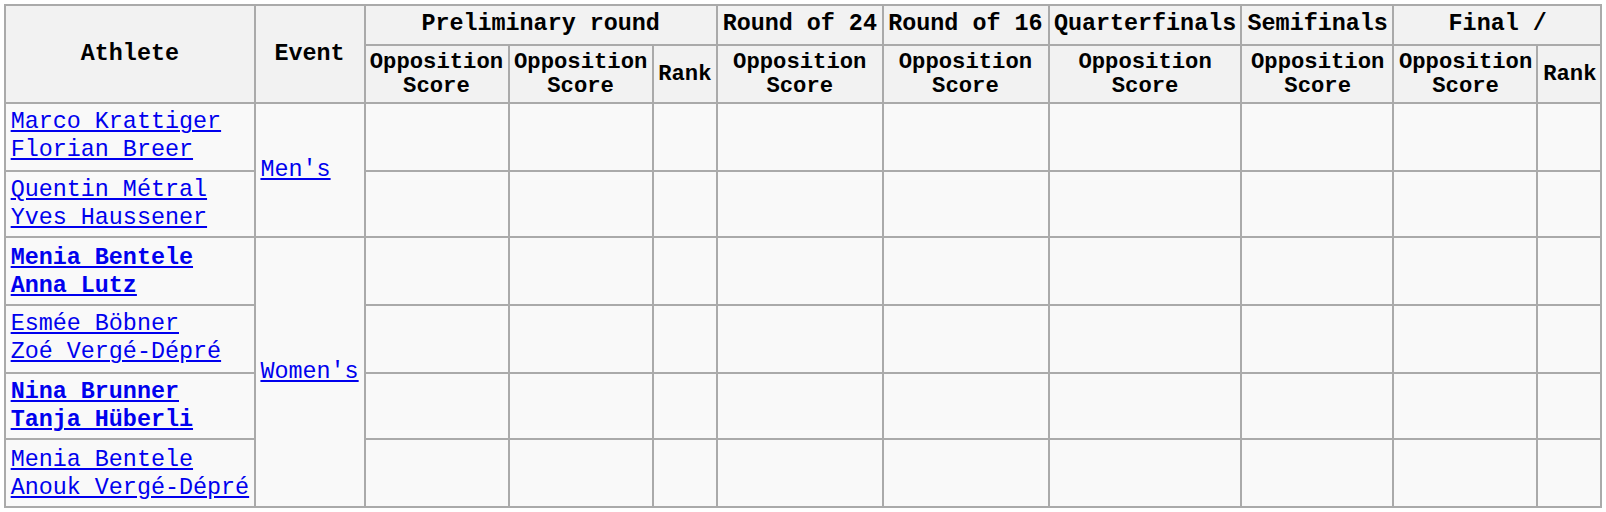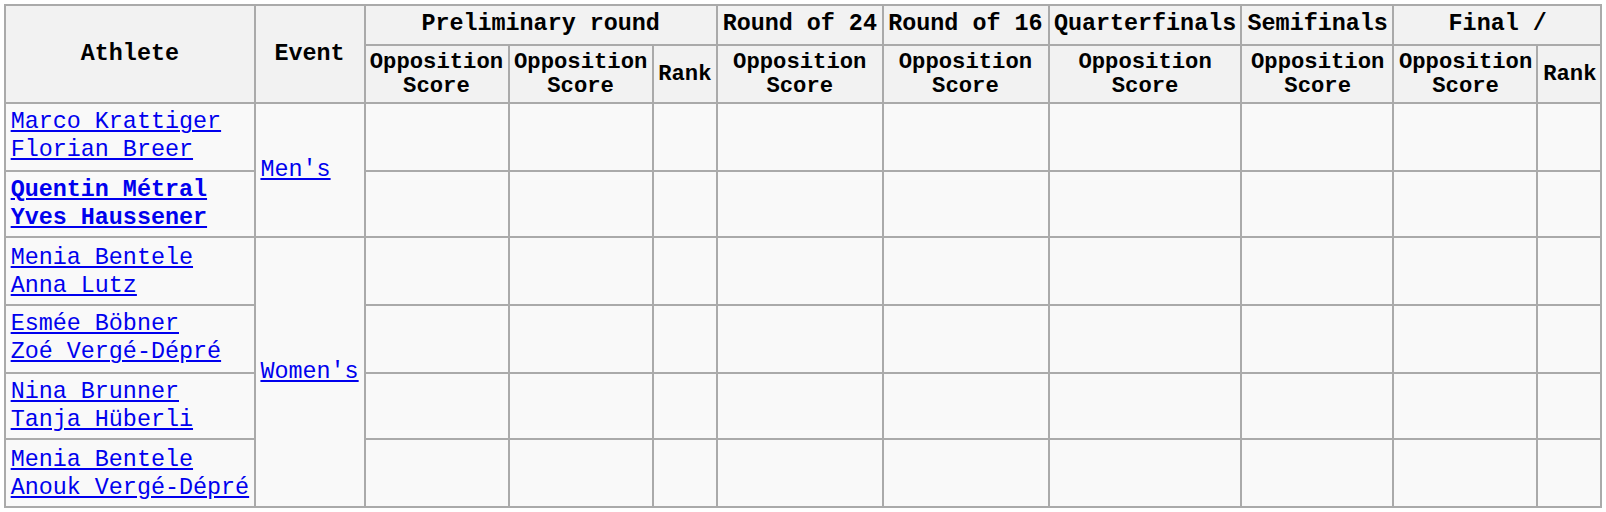 <table class=wikitable style=font-size:90%;text-align:center>
 <tr>
 <th rowspan=2>Athlete</th>
 <th rowspan=2>Event</th>
 <th colspan=3>Preliminary round</th>
 <th>Round of 24</th>
 <th>Round of 16</th>
 <th>Quarterfinals</th>
 <th>Semifinals</th>
 <th colspan=2>Final / </th>
 </tr>
 <tr style=font-size:95%>
 <th>Opposition<br>Score</th>
 <th>Opposition<br>Score</th>
 <th>Rank</th>
 <th>Opposition<br>Score</th>
 <th>Opposition<br>Score</th>
 <th>Opposition<br>Score</th>
 <th>Opposition<br>Score</th>
 <th>Opposition<br>Score</th>
 <th>Rank</th>
 </tr>
 <tr>
 <td align=left><a href='#'>Marco Krattiger</a><br><a href='#'>Florian Breer</a></td>
 <td align=left rowspan=2><a href='#'>Men's</a></td>
 <td></td>
 <td></td>
 <td></td>
 <td></td>
 <td></td>
 <td></td>
 <td></td>
 <td></td>
 <td></td>
 </tr>
 <tr>
-<td align=left><a href='#'>Quentin Métral</a><br><a href='#'>Yves Haussener</a></td>
+<td align=left><strong><a href='#'>Quentin Métral</a><br><a href='#'>Yves Haussener</a></strong></td>
 <td></td>
 <td></td>
 <td></td>
 <td></td>
 <td></td>
 <td></td>
 <td></td>
 <td></td>
 <td></td>
 </tr>
 <tr>
-<td align=left><strong><a href='#'>Menia Bentele</a><br><a href='#'>Anna Lutz</a></strong></td>
+<td align=left><a href='#'>Menia Bentele</a><br><a href='#'>Anna Lutz</a></td>
 <td align=left rowspan=4><a href='#'>Women's</a></td>
 <td></td>
 <td></td>
 <td></td>
 <td></td>
 <td></td>
 <td></td>
 <td></td>
 <td></td>
 <td></td>
 </tr>
 <tr>
 <td align=left><a href='#'>Esmée Böbner</a><br><a href='#'>Zoé Vergé-Dépré</a></td>
 <td></td>
 <td></td>
 <td></td>
 <td></td>
 <td></td>
 <td></td>
 <td></td>
 <td></td>
 <td></td>
 </tr>
 <tr>
-<td align=left><strong><a href='#'>Nina Brunner</a><br><a href='#'>Tanja Hüberli</a></strong></td>
+<td align=left><a href='#'>Nina Brunner</a><br><a href='#'>Tanja Hüberli</a></td>
 <td></td>
 <td></td>
 <td></td>
 <td></td>
 <td></td>
 <td></td>
 <td></td>
 <td></td>
 <td></td>
 </tr>
 <tr>
 <td align=left><a href='#'>Menia Bentele</a><br><a href='#'>Anouk Vergé-Dépré</a></td>
 <td></td>
 <td></td>
 <td></td>
 <td></td>
 <td></td>
 <td></td>
 <td></td>
 <td></td>
 <td></td>
 </tr>
 </table>
